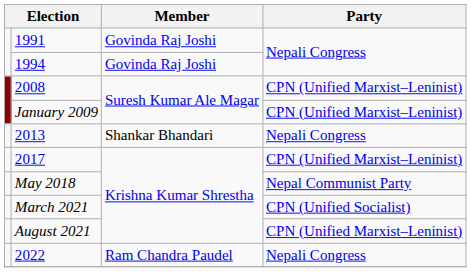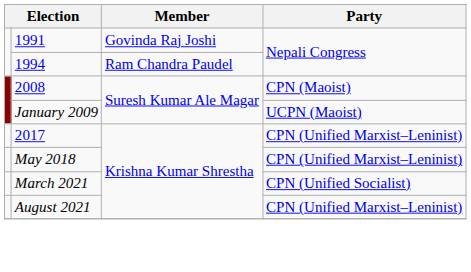 <table class="wikitable">
 <tr>
 <th colspan="2">Election</th>
 <th>Member</th>
 <th>Party</th>
 </tr>
 <tr>
 <td rowspan="2" style="background-color:"></td>
 <td><a href='#'>1991</a></td>
 <td><a href='#'>Govinda Raj Joshi</a></td>
 <td rowspan="2"><a href='#'>Nepali Congress</a></td>
 </tr>
 <tr>
 <td><a href='#'>1994</a></td>
-<td><a href='#'>Govinda Raj Joshi</a></td>
+<td><a href='#'>Ram Chandra Paudel</a></td>
 </tr>
 <tr>
 <td rowspan="2" style="background-color:darkred"></td>
 <td><a href='#'>2008</a></td>
 <td rowspan="2"><a href='#'>Suresh Kumar Ale Magar</a></td>
-<td><a href='#'>CPN (Unified Marxist–Leninist)</a></td>
+<td><a href='#'>CPN (Maoist)</a></td>
 </tr>
 <tr>
 <td><em>January 2009</em></td>
-<td><a href='#'>CPN (Unified Marxist–Leninist)</a></td>
-</tr>
-<tr>
-<td style="background-color:"></td>
-<td><a href='#'>2013</a></td>
-<td>Shankar Bhandari</td>
-<td><a href='#'>Nepali Congress</a></td>
+<td><a href='#'>UCPN (Maoist)</a></td>
 </tr>
 <tr>
 <td style="background-color:"></td>
 <td><a href='#'>2017</a></td>
 <td rowspan="4"><a href='#'>Krishna Kumar Shrestha</a></td>
 <td><a href='#'>CPN (Unified Marxist–Leninist)</a></td>
 </tr>
 <tr>
 <td style="background-color:"></td>
 <td><em>May 2018</em></td>
-<td><a href='#'>Nepal Communist Party</a></td>
+<td><a href='#'>CPN (Unified Marxist–Leninist)</a></td>
 </tr>
 <tr>
 <td style="background-color:"></td>
 <td><em>March 2021</em></td>
 <td><a href='#'>CPN (Unified Socialist)</a></td>
 </tr>
 <tr>
 <td style="background-color:"></td>
 <td><em>August 2021</em></td>
 <td><a href='#'>CPN (Unified Marxist–Leninist)</a></td>
 </tr>
 <tr>
-<td style="background-color:"></td>
-<td><a href='#'>2022</a></td>
-<td><a href='#'>Ram Chandra Paudel</a></td>
-<td><a href='#'>Nepali Congress</a></td>
-</tr>
-<tr>
 </tr>
 </table>
